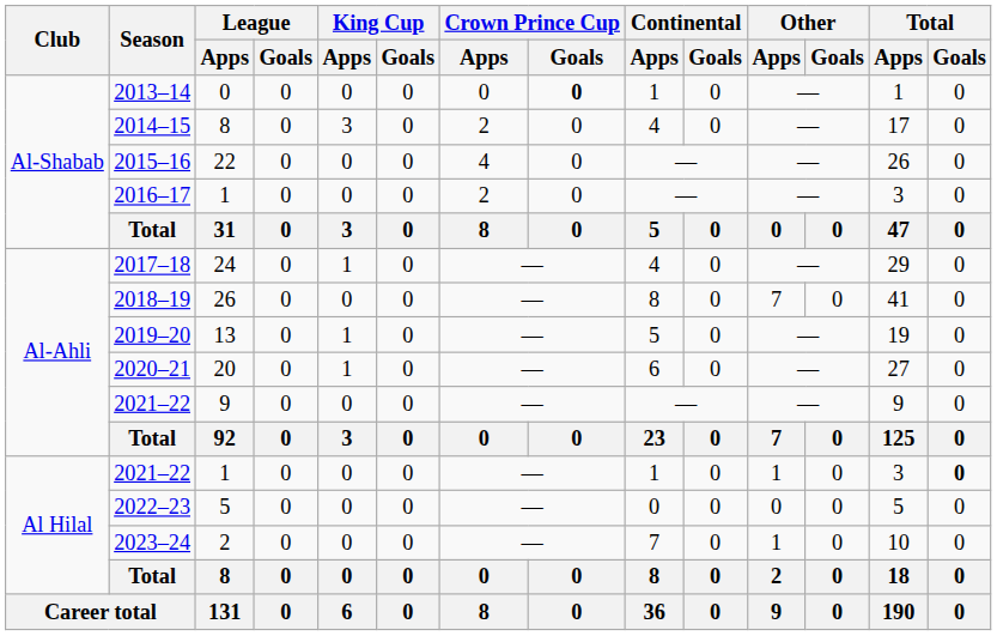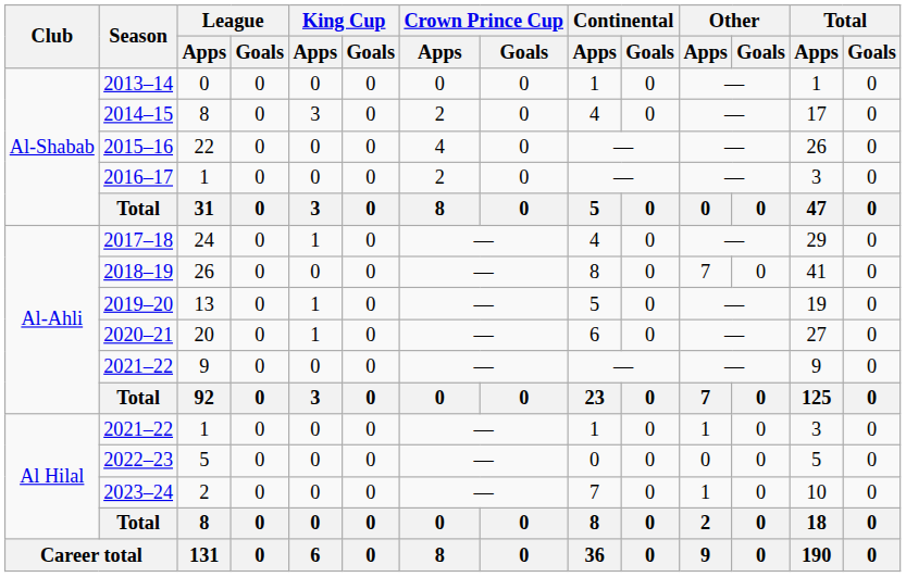 <table class=wikitable style="text-align: center">
 <tr>
 <th rowspan=2>Club</th>
 <th rowspan=2>Season</th>
 <th colspan=2>League</th>
 <th colspan=2><a href='#'>King Cup</a></th>
 <th colspan=2><a href='#'>Crown Prince Cup</a> </th>
 <th colspan=2>Continental</th>
 <th colspan=2>Other</th>
 <th colspan=2>Total</th>
 </tr>
 <tr>
 <th>Apps</th>
 <th>Goals</th>
 <th>Apps</th>
 <th>Goals</th>
 <th>Apps</th>
 <th>Goals</th>
 <th>Apps</th>
 <th>Goals</th>
 <th>Apps</th>
 <th>Goals</th>
 <th>Apps</th>
 <th>Goals</th>
 </tr>
 <tr>
 <td rowspan=5><a href='#'>Al-Shabab</a></td>
 <td><a href='#'>2013–14</a></td>
 <td>0</td>
 <td>0</td>
 <td>0</td>
 <td>0</td>
 <td>0</td>
-<td><strong>0</strong></td>
+<td>0</td>
 <td>1</td>
 <td>0</td>
 <td colspan=2>—</td>
 <td>1</td>
 <td>0</td>
 </tr>
 <tr>
 <td><a href='#'>2014–15</a></td>
 <td>8</td>
 <td>0</td>
 <td>3</td>
 <td>0</td>
 <td>2</td>
 <td>0</td>
 <td>4</td>
 <td>0</td>
 <td colspan=2>—</td>
 <td>17</td>
 <td>0</td>
 </tr>
 <tr>
 <td><a href='#'>2015–16</a></td>
 <td>22</td>
 <td>0</td>
 <td>0</td>
 <td>0</td>
 <td>4</td>
 <td>0</td>
 <td colspan=2>—</td>
 <td colspan=2>—</td>
 <td>26</td>
 <td>0</td>
 </tr>
 <tr>
 <td><a href='#'>2016–17</a></td>
 <td>1</td>
 <td>0</td>
 <td>0</td>
 <td>0</td>
 <td>2</td>
 <td>0</td>
 <td colspan=2>—</td>
 <td colspan=2>—</td>
 <td>3</td>
 <td>0</td>
 </tr>
 <tr>
 <th>Total</th>
 <th>31</th>
 <th>0</th>
 <th>3</th>
 <th>0</th>
 <th>8</th>
 <th>0</th>
 <th>5</th>
 <th>0</th>
 <th>0</th>
 <th>0</th>
 <th>47</th>
 <th>0</th>
 </tr>
 <tr>
 <td rowspan=6><a href='#'>Al-Ahli</a></td>
 <td><a href='#'>2017–18</a></td>
 <td>24</td>
 <td>0</td>
 <td>1</td>
 <td>0</td>
 <td colspan=2>—</td>
 <td>4</td>
 <td>0</td>
 <td colspan=2>—</td>
 <td>29</td>
 <td>0</td>
 </tr>
 <tr>
 <td><a href='#'>2018–19</a></td>
 <td>26</td>
 <td>0</td>
 <td>0</td>
 <td>0</td>
 <td colspan=2>—</td>
 <td>8</td>
 <td>0</td>
 <td>7</td>
 <td>0</td>
 <td>41</td>
 <td>0</td>
 </tr>
 <tr>
 <td><a href='#'>2019–20</a></td>
 <td>13</td>
 <td>0</td>
 <td>1</td>
 <td>0</td>
 <td colspan=2>—</td>
 <td>5</td>
 <td>0</td>
 <td colspan=2>—</td>
 <td>19</td>
 <td>0</td>
 </tr>
 <tr>
 <td><a href='#'>2020–21</a></td>
 <td>20</td>
 <td>0</td>
 <td>1</td>
 <td>0</td>
 <td colspan=2>—</td>
 <td>6</td>
 <td>0</td>
 <td colspan=2>—</td>
 <td>27</td>
 <td>0</td>
 </tr>
 <tr>
 <td><a href='#'>2021–22</a></td>
 <td>9</td>
 <td>0</td>
 <td>0</td>
 <td>0</td>
 <td colspan=2>—</td>
 <td colspan=2>—</td>
 <td colspan=2>—</td>
 <td>9</td>
 <td>0</td>
 </tr>
 <tr>
 <th>Total</th>
 <th>92</th>
 <th>0</th>
 <th>3</th>
 <th>0</th>
 <th>0</th>
 <th>0</th>
 <th>23</th>
 <th>0</th>
 <th>7</th>
 <th>0</th>
 <th>125</th>
 <th>0</th>
 </tr>
 <tr>
 <td rowspan=4><a href='#'>Al Hilal</a></td>
 <td><a href='#'>2021–22</a></td>
 <td>1</td>
 <td>0</td>
 <td>0</td>
 <td>0</td>
 <td colspan=2>—</td>
 <td>1</td>
 <td>0</td>
 <td>1</td>
 <td>0</td>
 <td>3</td>
-<td><strong>0</strong></td>
+<td>0</td>
 </tr>
 <tr>
 <td><a href='#'>2022–23</a></td>
 <td>5</td>
 <td>0</td>
 <td>0</td>
 <td>0</td>
 <td colspan=2>—</td>
 <td>0</td>
 <td>0</td>
 <td>0</td>
 <td>0</td>
 <td>5</td>
 <td>0</td>
 </tr>
 <tr>
 <td><a href='#'>2023–24</a></td>
 <td>2</td>
 <td>0</td>
 <td>0</td>
 <td>0</td>
 <td colspan=2>—</td>
 <td>7</td>
 <td>0</td>
 <td>1</td>
 <td>0</td>
 <td>10</td>
 <td>0</td>
 </tr>
 <tr>
 <th>Total</th>
 <th>8</th>
 <th>0</th>
 <th>0</th>
 <th>0</th>
 <th>0</th>
 <th>0</th>
 <th>8</th>
 <th>0</th>
 <th>2</th>
 <th>0</th>
 <th>18</th>
 <th>0</th>
 </tr>
 <tr>
 <th colspan=2>Career total</th>
 <th>131</th>
 <th>0</th>
 <th>6</th>
 <th>0</th>
 <th>8</th>
 <th>0</th>
 <th>36</th>
 <th>0</th>
 <th>9</th>
 <th>0</th>
 <th>190</th>
 <th>0</th>
 </tr>
 </table>
